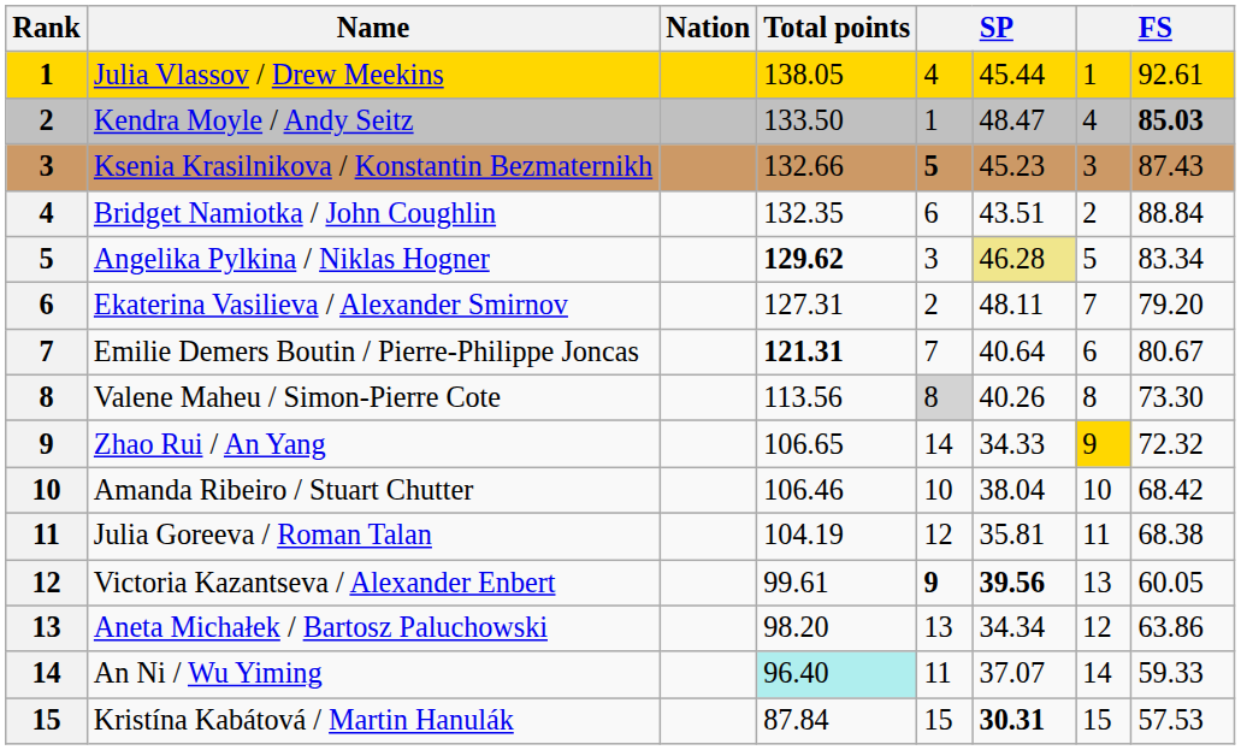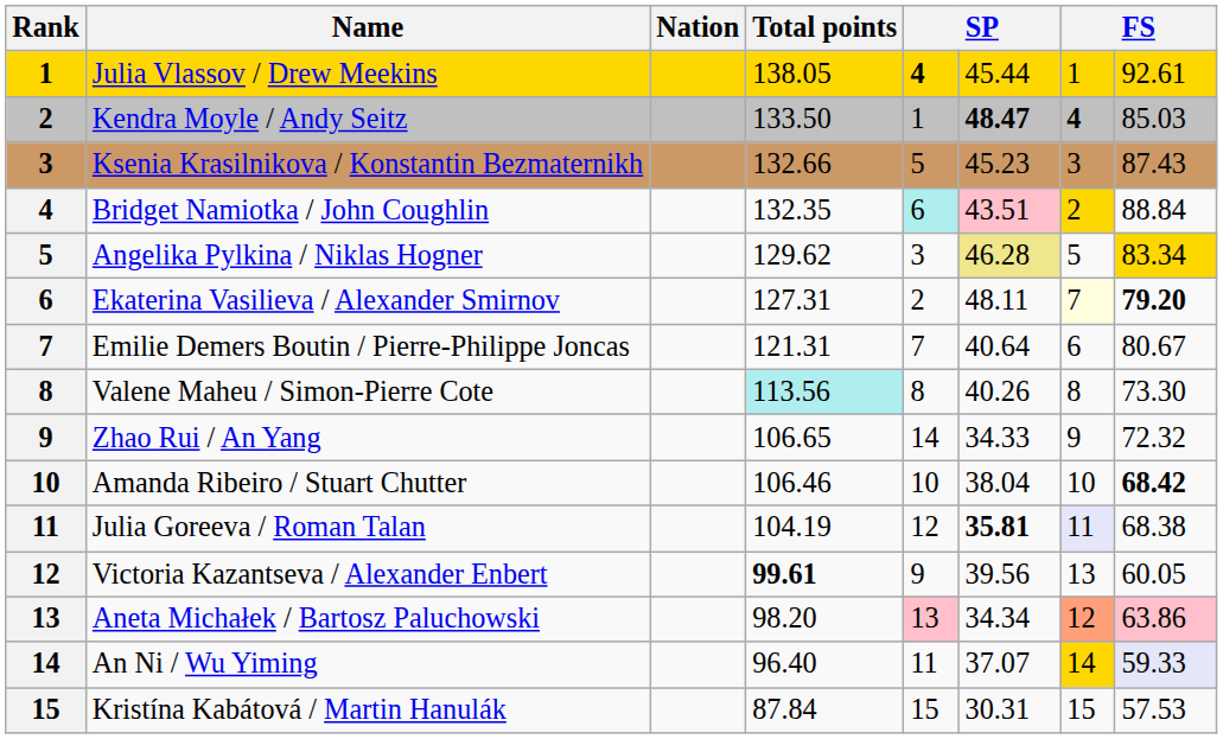 <table class="wikitable">
 <tr>
 <th>Rank</th>
 <th>Name</th>
 <th>Nation</th>
 <th>Total points</th>
 <th colspan="2" width="80px"><a href='#'>SP</a></th>
 <th colspan="2" width="80px"><a href='#'>FS</a></th>
 </tr>
 <tr bgcolor=gold>
 <td align=center><strong>1</strong></td>
 <td><a href='#'>Julia Vlassov</a> / <a href='#'>Drew Meekins</a></td>
 <td></td>
 <td>138.05</td>
-<td>4</td>
+<td><strong>4</strong></td>
 <td>45.44</td>
 <td>1</td>
 <td>92.61</td>
 </tr>
 <tr bgcolor=silver>
 <td align=center><strong>2</strong></td>
 <td><a href='#'>Kendra Moyle</a> / <a href='#'>Andy Seitz</a></td>
 <td></td>
 <td>133.50</td>
 <td>1</td>
-<td>48.47</td>
-<td>4</td>
-<td><strong>85.03</strong></td>
+<td><strong>48.47</strong></td>
+<td><strong>4</strong></td>
+<td>85.03</td>
 </tr>
 <tr bgcolor=cc9966>
 <td align=center><strong>3</strong></td>
 <td><a href='#'>Ksenia Krasilnikova</a> / <a href='#'>Konstantin Bezmaternikh</a></td>
 <td></td>
 <td>132.66</td>
-<td><strong>5</strong></td>
+<td>5</td>
 <td>45.23</td>
 <td>3</td>
 <td>87.43</td>
 </tr>
 <tr>
 <th>4</th>
 <td><a href='#'>Bridget Namiotka</a> / <a href='#'>John Coughlin</a></td>
 <td></td>
 <td>132.35</td>
-<td>6</td>
-<td>43.51</td>
-<td>2</td>
+<td style="background: paleturquoise;">6</td>
+<td style="background: pink;">43.51</td>
+<td style="background: gold;">2</td>
 <td>88.84</td>
 </tr>
 <tr>
 <th>5</th>
 <td><a href='#'>Angelika Pylkina</a> / <a href='#'>Niklas Hogner</a></td>
 <td></td>
-<td><strong>129.62</strong></td>
+<td>129.62</td>
 <td>3</td>
 <td style="background: khaki;">46.28</td>
 <td>5</td>
-<td>83.34</td>
+<td style="background: gold;">83.34</td>
 </tr>
 <tr>
 <th>6</th>
 <td><a href='#'>Ekaterina Vasilieva</a> / <a href='#'>Alexander Smirnov</a></td>
 <td></td>
 <td>127.31</td>
 <td>2</td>
 <td>48.11</td>
-<td>7</td>
-<td>79.20</td>
+<td style="background: lightyellow;">7</td>
+<td><strong>79.20</strong></td>
 </tr>
 <tr>
 <th>7</th>
 <td>Emilie Demers Boutin / Pierre-Philippe Joncas</td>
 <td></td>
-<td><strong>121.31</strong></td>
+<td>121.31</td>
 <td>7</td>
 <td>40.64</td>
 <td>6</td>
 <td>80.67</td>
 </tr>
 <tr>
 <th>8</th>
 <td>Valene Maheu / Simon-Pierre Cote</td>
 <td></td>
-<td>113.56</td>
-<td style="background: lightgrey;">8</td>
+<td style="background: paleturquoise;">113.56</td>
+<td>8</td>
 <td>40.26</td>
 <td>8</td>
 <td>73.30</td>
 </tr>
 <tr>
 <th>9</th>
 <td><a href='#'>Zhao Rui</a> / <a href='#'>An Yang</a></td>
 <td></td>
 <td>106.65</td>
 <td>14</td>
 <td>34.33</td>
-<td style="background: gold;">9</td>
+<td>9</td>
 <td>72.32</td>
 </tr>
 <tr>
 <th>10</th>
 <td>Amanda Ribeiro / Stuart Chutter</td>
 <td></td>
 <td>106.46</td>
 <td>10</td>
 <td>38.04</td>
 <td>10</td>
-<td>68.42</td>
+<td><strong>68.42</strong></td>
 </tr>
 <tr>
 <th>11</th>
 <td>Julia Goreeva / <a href='#'>Roman Talan</a></td>
 <td></td>
 <td>104.19</td>
 <td>12</td>
-<td>35.81</td>
-<td>11</td>
+<td><strong>35.81</strong></td>
+<td style="background: lavender;">11</td>
 <td>68.38</td>
 </tr>
 <tr>
 <th>12</th>
 <td>Victoria Kazantseva / <a href='#'>Alexander Enbert</a></td>
 <td></td>
-<td>99.61</td>
-<td><strong>9</strong></td>
-<td><strong>39.56</strong></td>
+<td><strong>99.61</strong></td>
+<td>9</td>
+<td>39.56</td>
 <td>13</td>
 <td>60.05</td>
 </tr>
 <tr>
 <th>13</th>
 <td><a href='#'>Aneta Michałek</a> / <a href='#'>Bartosz Paluchowski</a></td>
 <td></td>
 <td>98.20</td>
-<td>13</td>
+<td style="background: pink;">13</td>
 <td>34.34</td>
-<td>12</td>
-<td>63.86</td>
+<td style="background: lightsalmon;">12</td>
+<td style="background: pink;">63.86</td>
 </tr>
 <tr>
 <th>14</th>
 <td>An Ni / <a href='#'>Wu Yiming</a></td>
 <td></td>
-<td style="background: paleturquoise;">96.40</td>
+<td>96.40</td>
 <td>11</td>
 <td>37.07</td>
-<td>14</td>
-<td>59.33</td>
+<td style="background: gold;">14</td>
+<td style="background: lavender;">59.33</td>
 </tr>
 <tr>
 <th>15</th>
 <td>Kristína Kabátová / <a href='#'>Martin Hanulák</a></td>
 <td></td>
 <td>87.84</td>
 <td>15</td>
-<td><strong>30.31</strong></td>
+<td>30.31</td>
 <td>15</td>
 <td>57.53</td>
 </tr>
 </table>
